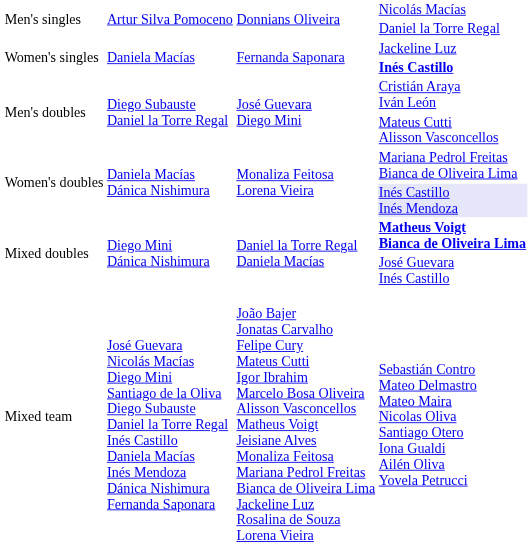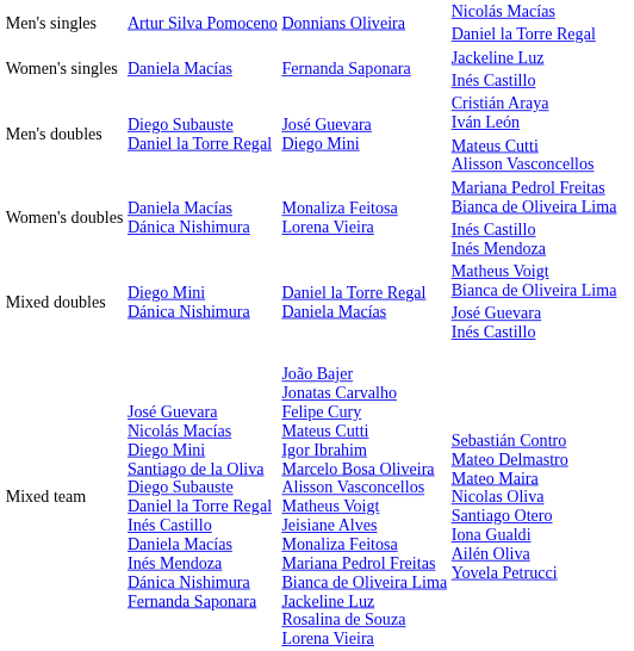 <table>
 <tr>
 <td rowspan="2">Men's singles</td>
 <td rowspan="2"> <a href='#'>Artur Silva Pomoceno</a></td>
 <td rowspan="2"> <a href='#'>Donnians Oliveira</a></td>
 <td> <a href='#'>Nicolás Macías</a></td>
 </tr>
 <tr>
 <td> <a href='#'>Daniel la Torre Regal</a></td>
 </tr>
 <tr>
 <td rowspan="2">Women's singles</td>
 <td rowspan="2"> <a href='#'>Daniela Macías</a></td>
 <td rowspan="2"> <a href='#'>Fernanda Saponara</a></td>
 <td> <a href='#'>Jackeline Luz</a></td>
 </tr>
 <tr>
-<td><strong> <a href='#'>Inés Castillo</a></strong></td>
+<td> <a href='#'>Inés Castillo</a></td>
 </tr>
 <tr>
 <td rowspan="2">Men's doubles</td>
 <td rowspan="2"> <a href='#'>Diego Subauste</a><br> <a href='#'>Daniel la Torre Regal</a></td>
 <td rowspan="2"> <a href='#'>José Guevara</a><br> <a href='#'>Diego Mini</a></td>
 <td> <a href='#'>Cristián Araya</a><br> <a href='#'>Iván León</a></td>
 </tr>
 <tr>
 <td> <a href='#'>Mateus Cutti</a><br> <a href='#'>Alisson Vasconcellos</a></td>
 </tr>
 <tr>
 <td rowspan="2">Women's doubles</td>
 <td rowspan="2"> <a href='#'>Daniela Macías</a><br> <a href='#'>Dánica Nishimura</a></td>
 <td rowspan="2"> <a href='#'>Monaliza Feitosa</a><br> <a href='#'>Lorena Vieira</a></td>
 <td> <a href='#'>Mariana Pedrol Freitas</a><br> <a href='#'>Bianca de Oliveira Lima</a></td>
 </tr>
 <tr>
-<td style="background: lavender;"> <a href='#'>Inés Castillo</a><br> <a href='#'>Inés Mendoza</a></td>
+<td> <a href='#'>Inés Castillo</a><br> <a href='#'>Inés Mendoza</a></td>
 </tr>
 <tr>
 <td rowspan="2">Mixed doubles</td>
 <td rowspan="2"> <a href='#'>Diego Mini</a><br> <a href='#'>Dánica Nishimura</a></td>
 <td rowspan="2"> <a href='#'>Daniel la Torre Regal</a><br> <a href='#'>Daniela Macías</a></td>
-<td><strong> <a href='#'>Matheus Voigt</a><br> <a href='#'>Bianca de Oliveira Lima</a></strong></td>
+<td> <a href='#'>Matheus Voigt</a><br> <a href='#'>Bianca de Oliveira Lima</a></td>
 </tr>
 <tr>
 <td> <a href='#'>José Guevara</a><br> <a href='#'>Inés Castillo</a></td>
 </tr>
 <tr>
 <td>Mixed team</td>
 <td align="left"><br><a href='#'>José Guevara</a><br><a href='#'>Nicolás Macías</a><br><a href='#'>Diego Mini</a><br><a href='#'>Santiago de la Oliva</a><br><a href='#'>Diego Subauste</a><br><a href='#'>Daniel la Torre Regal</a><br><a href='#'>Inés Castillo</a><br><a href='#'>Daniela Macías</a><br><a href='#'>Inés Mendoza</a><br><a href='#'>Dánica Nishimura</a><br><a href='#'>Fernanda Saponara</a></td>
 <td align="left"><br><a href='#'>João Bajer</a><br><a href='#'>Jonatas Carvalho</a><br><a href='#'>Felipe Cury</a><br><a href='#'>Mateus Cutti</a><br><a href='#'>Igor Ibrahim</a><br><a href='#'>Marcelo Bosa Oliveira</a><br><a href='#'>Alisson Vasconcellos</a><br><a href='#'>Matheus Voigt</a><br><a href='#'>Jeisiane Alves</a><br><a href='#'>Monaliza Feitosa</a><br><a href='#'>Mariana Pedrol Freitas</a><br><a href='#'>Bianca de Oliveira Lima</a><br><a href='#'>Jackeline Luz</a><br><a href='#'>Rosalina de Souza</a><br><a href='#'>Lorena Vieira</a></td>
 <td align="left"><br><a href='#'>Sebastián Contro</a><br><a href='#'>Mateo Delmastro</a><br><a href='#'>Mateo Maira</a><br><a href='#'>Nicolas Oliva</a><br><a href='#'>Santiago Otero</a><br><a href='#'>Iona Gualdi</a><br><a href='#'>Ailén Oliva</a><br><a href='#'>Yovela Petrucci</a></td>
 </tr>
 </table>
